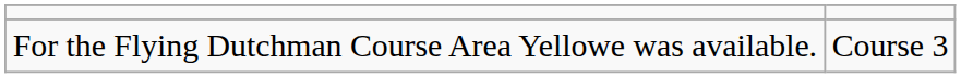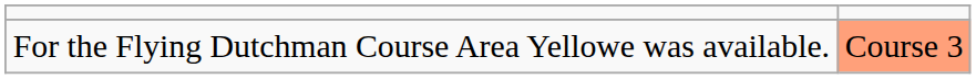 <table class="wikitable" style="text-align:center;">
 <tr>
 <td></td>
 <td></td>
 </tr>
 <tr>
 <td>For the Flying Dutchman Course Area Yellowe was available.</td>
-<td>Course 3</td>
+<td style="background: lightsalmon;">Course 3</td>
 </tr>
 </table>
